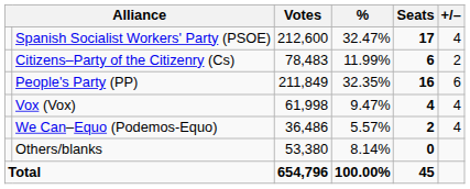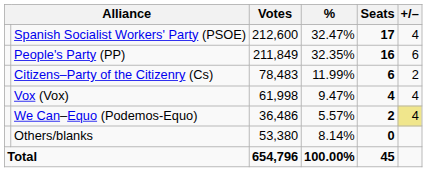 <table class="wikitable" style="font-size:100%; text-align:right;">
 <tr>
 <th colspan="2">Alliance</th>
 <th>Votes</th>
 <th>%</th>
 <th>Seats</th>
 <th>+/–</th>
 </tr>
 <tr>
 <td width="1"></td>
 <td align="left"><a href='#'>Spanish Socialist Workers' Party</a> (PSOE)</td>
 <td>212,600</td>
 <td>32.47%</td>
 <td><strong>17</strong></td>
 <td>4</td>
 </tr>
 <tr>
 <td></td>
+<td align="left"><a href='#'>People's Party</a> (PP)</td>
+<td>211,849</td>
+<td>32.35%</td>
+<td><strong>16</strong></td>
+<td>6</td>
+</tr>
+<tr>
+<td></td>
 <td align="left"><a href='#'>Citizens–Party of the Citizenry</a> (Cs)</td>
 <td>78,483</td>
 <td>11.99%</td>
 <td><strong>6</strong></td>
 <td>2</td>
-</tr>
-<tr>
-<td></td>
-<td align="left"><a href='#'>People's Party</a> (PP)</td>
-<td>211,849</td>
-<td>32.35%</td>
-<td><strong>16</strong></td>
-<td>6</td>
 </tr>
 <tr>
 <td></td>
 <td align="left"><a href='#'>Vox</a> (Vox)</td>
 <td>61,998</td>
 <td>9.47%</td>
 <td><strong>4</strong></td>
 <td>4</td>
 </tr>
 <tr>
 <td></td>
 <td align="left"><a href='#'>We Can</a>–<a href='#'>Equo</a> (Podemos-Equo)</td>
 <td>36,486</td>
 <td>5.57%</td>
 <td><strong>2</strong></td>
-<td>4</td>
+<td style="background: khaki;">4</td>
 </tr>
 <tr>
 <td></td>
 <td align="left">Others/blanks</td>
 <td>53,380</td>
 <td>8.14%</td>
 <td><strong>0</strong></td>
 <td></td>
 </tr>
 <tr style="font-weight:bold">
 <td colspan="2" align="left">Total</td>
 <td>654,796</td>
 <td>100.00%</td>
 <td>45</td>
 <td></td>
 </tr>
 </table>
